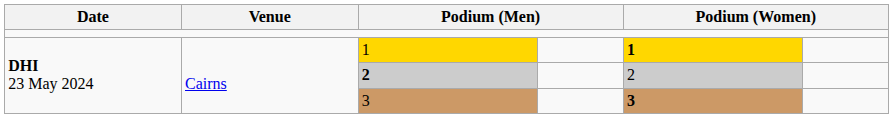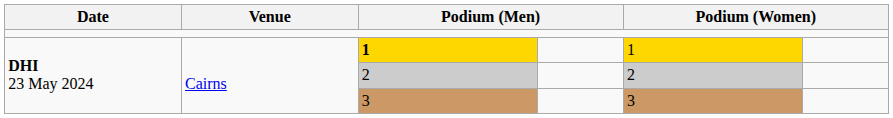 <table class="wikitable" width=70%>
 <tr>
 <th>Date</th>
 <th width=20%>Venue</th>
 <th colspan=2 width=30%>Podium (Men)</th>
 <th colspan=2 width=30%>Podium (Women)</th>
 </tr>
 <tr>
 <td colspan=6></td>
 </tr>
 <tr>
 <td rowspan=3><strong>DHI</strong> <br> 23 May 2024</td>
 <td rowspan=3><br><a href='#'>Cairns</a></td>
+<td bgcolor=FFD700><strong>1</strong></td>
+<td></td>
 <td bgcolor=FFD700>1</td>
-<td></td>
-<td bgcolor=FFD700><strong>1</strong></td>
 <td></td>
 </tr>
 <tr>
-<td bgcolor=CCCCCC><strong>2</strong></td>
+<td bgcolor=CCCCCC>2</td>
 <td></td>
 <td bgcolor=CCCCCC>2</td>
 <td></td>
 </tr>
 <tr>
 <td bgcolor=CC9966>3</td>
 <td></td>
-<td bgcolor=CC9966><strong>3</strong></td>
+<td bgcolor=CC9966>3</td>
 <td></td>
 </tr>
 </table>
